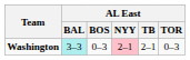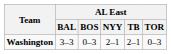 <table class="wikitable" style="text-align:center; font-size: 95%;">
 <tr>
 <th rowspan=2>Team</th>
 <th colspan=5>AL East</th>
 </tr>
 <tr>
 <th><strong>BAL</strong></th>
 <th><strong>BOS</strong></th>
 <th><strong>NYY</strong></th>
 <th><strong>TB</strong></th>
 <th><strong>TOR</strong></th>
 </tr>
 <tr>
 <td><strong>Washington</strong></td>
-<td style="background: paleturquoise;">3–3</td>
+<td>3–3</td>
 <td>0–3</td>
-<td style="background: pink;">2–1</td>
+<td>2–1</td>
 <td>2–1</td>
 <td>0–3</td>
 </tr>
 </table>
